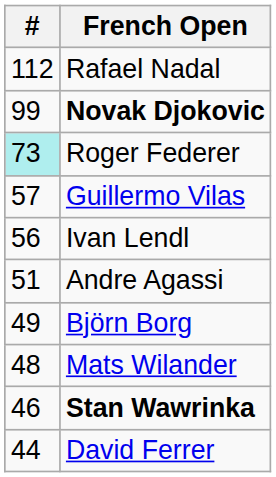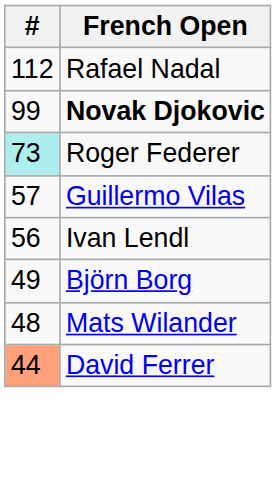 <table class="wikitable" style="display:inline-table;">
 <tr>
 <th>#</th>
 <th>French Open</th>
 </tr>
 <tr>
 <td>112</td>
 <td> Rafael Nadal</td>
 </tr>
 <tr>
 <td>99</td>
 <td><strong> Novak Djokovic</strong></td>
 </tr>
 <tr>
 <td style="background: paleturquoise;">73</td>
 <td> Roger Federer</td>
 </tr>
 <tr>
 <td>57</td>
 <td> <a href='#'>Guillermo Vilas</a></td>
 </tr>
 <tr>
 <td>56</td>
 <td> Ivan Lendl</td>
 </tr>
 <tr>
-<td>51</td>
-<td> Andre Agassi</td>
-</tr>
-<tr>
 <td>49</td>
 <td> <a href='#'>Björn Borg</a></td>
 </tr>
 <tr>
 <td>48</td>
 <td> <a href='#'>Mats Wilander</a></td>
 </tr>
 <tr>
-<td>46</td>
-<td><strong> Stan Wawrinka</strong></td>
-</tr>
-<tr>
-<td>44</td>
+<td style="background: lightsalmon;">44</td>
 <td> <a href='#'>David Ferrer</a></td>
 </tr>
 </table>
